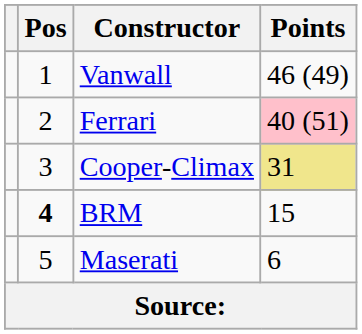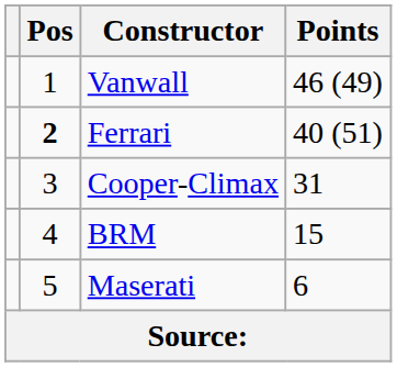 <table class="wikitable" style="font-size: 95%;">
 <tr>
 <th></th>
 <th>Pos</th>
 <th>Constructor</th>
 <th>Points</th>
 </tr>
 <tr>
 <td align="left"></td>
 <td align="center">1</td>
 <td> <a href='#'>Vanwall</a></td>
 <td align="left">46 (49)</td>
 </tr>
 <tr>
 <td align="left"></td>
-<td align="center">2</td>
+<td align="center"><strong>2</strong></td>
 <td> <a href='#'>Ferrari</a></td>
-<td align="left" style="background: pink;">40 (51)</td>
+<td align="left">40 (51)</td>
 </tr>
 <tr>
 <td align="left"></td>
 <td align="center">3</td>
 <td> <a href='#'>Cooper</a>-<a href='#'>Climax</a></td>
-<td align="left" style="background: khaki;">31</td>
+<td align="left">31</td>
 </tr>
 <tr>
 <td align="left"></td>
-<td align="center"><strong>4</strong></td>
+<td align="center">4</td>
 <td> <a href='#'>BRM</a></td>
 <td align="left">15</td>
 </tr>
 <tr>
 <td align="left"></td>
 <td align="center">5</td>
 <td> <a href='#'>Maserati</a></td>
 <td align="left">6</td>
 </tr>
 <tr>
 <th colspan=4>Source: </th>
 </tr>
 </table>
